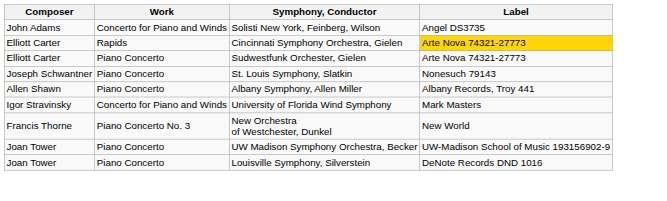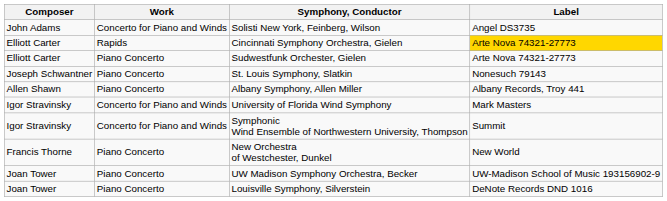 <table class="wikitable">
 <tr>
 <th>Composer</th>
 <th>Work</th>
 <th>Symphony, Conductor</th>
 <th>Label</th>
 </tr>
 <tr>
 <td>John Adams</td>
 <td>Concerto for Piano and Winds</td>
 <td>Solisti New York, Feinberg, Wilson</td>
 <td>Angel DS3735</td>
 </tr>
 <tr>
 <td>Elliott Carter</td>
 <td>Rapids</td>
 <td>Cincinnati Symphony Orchestra, Gielen</td>
 <td style="background: gold;">Arte Nova 74321-27773</td>
 </tr>
 <tr>
 <td>Elliott Carter</td>
 <td>Piano Concerto</td>
 <td>Sudwestfunk Orchester, Gielen</td>
 <td>Arte Nova 74321-27773</td>
 </tr>
 <tr>
 <td>Joseph Schwantner</td>
 <td>Piano Concerto</td>
 <td>St. Louis Symphony, Slatkin</td>
 <td>Nonesuch 79143</td>
 </tr>
 <tr>
 <td>Allen Shawn</td>
 <td>Piano Concerto</td>
 <td>Albany Symphony, Allen Miller</td>
 <td>Albany Records, Troy 441</td>
 </tr>
 <tr>
 <td>Igor Stravinsky</td>
 <td>Concerto for Piano and Winds</td>
 <td>University of Florida Wind Symphony</td>
 <td>Mark Masters</td>
 </tr>
 <tr>
+<td>Igor Stravinsky</td>
+<td>Concerto for Piano and Winds</td>
+<td>Symphonic<br>Wind Ensemble of Northwestern University, Thompson</td>
+<td>Summit</td>
+</tr>
+<tr>
 <td>Francis Thorne</td>
-<td>Piano Concerto No. 3</td>
+<td>Piano Concerto</td>
 <td>New Orchestra<br>of Westchester, Dunkel</td>
 <td>New World</td>
 </tr>
 <tr>
 <td>Joan Tower</td>
 <td>Piano Concerto</td>
 <td>UW Madison Symphony Orchestra, Becker</td>
 <td>UW-Madison School of Music 193156902-9</td>
 </tr>
 <tr>
 <td>Joan Tower</td>
 <td>Piano Concerto</td>
 <td>Louisville Symphony, Silverstein</td>
 <td>DeNote Records DND 1016</td>
 </tr>
 </table>
